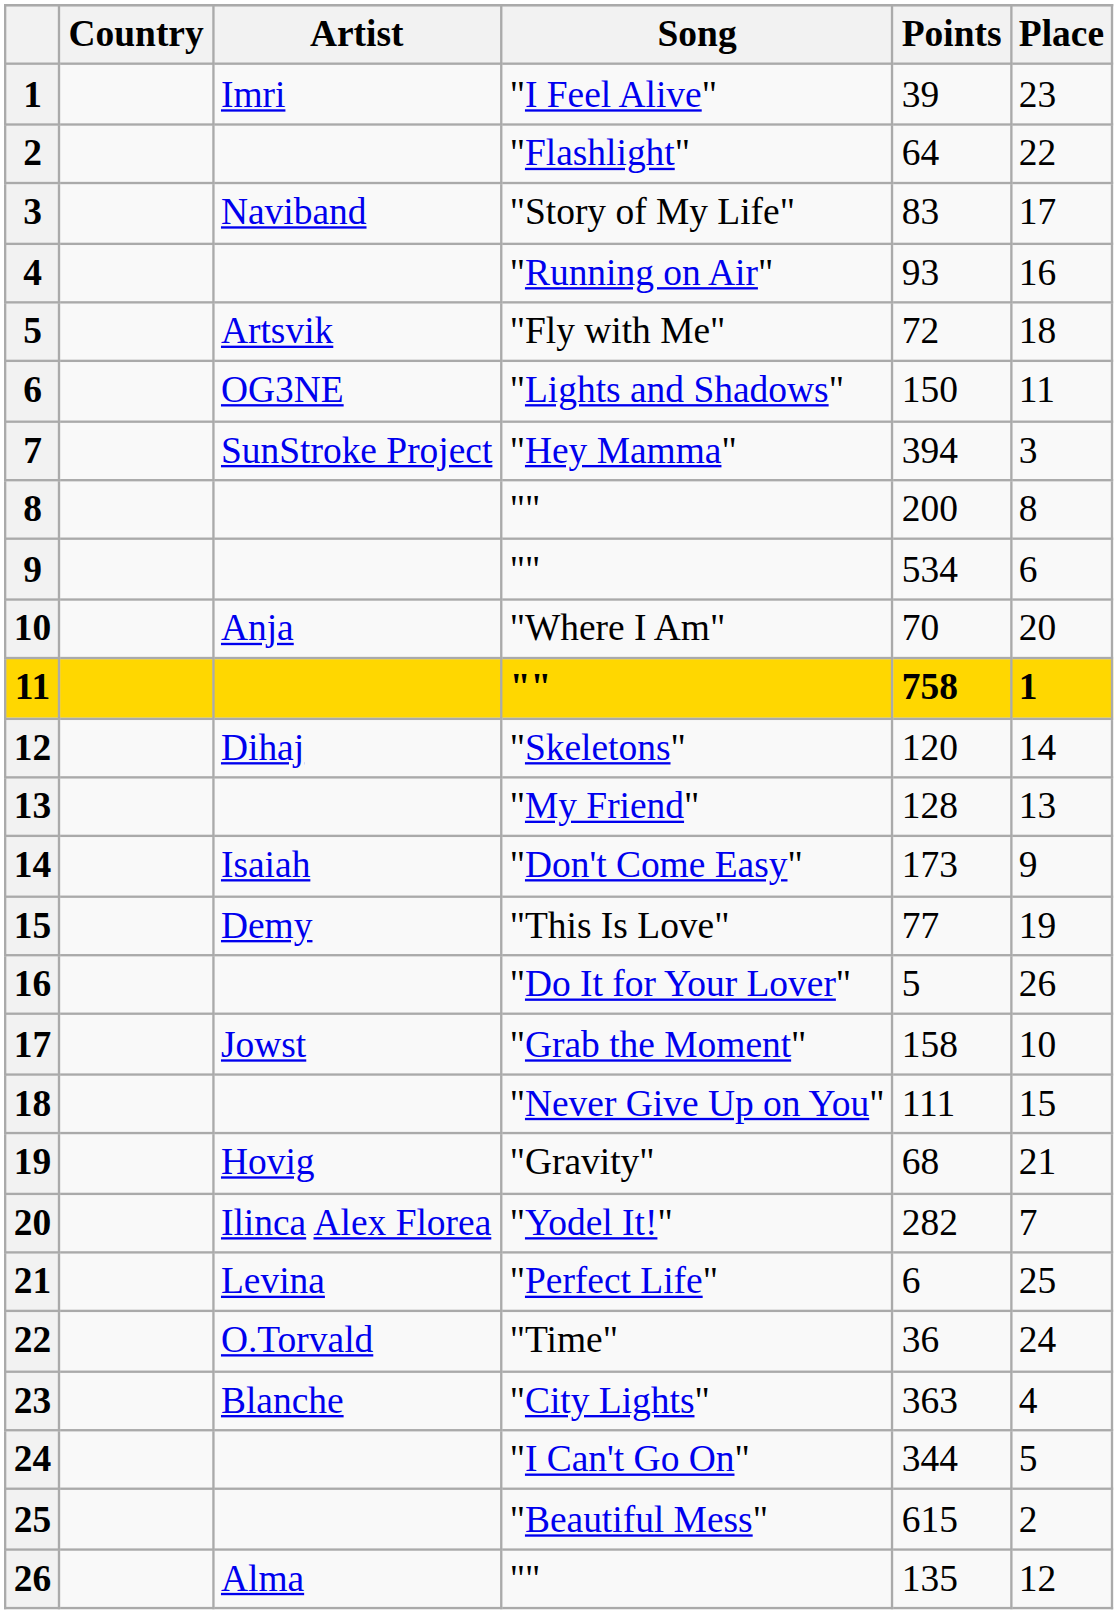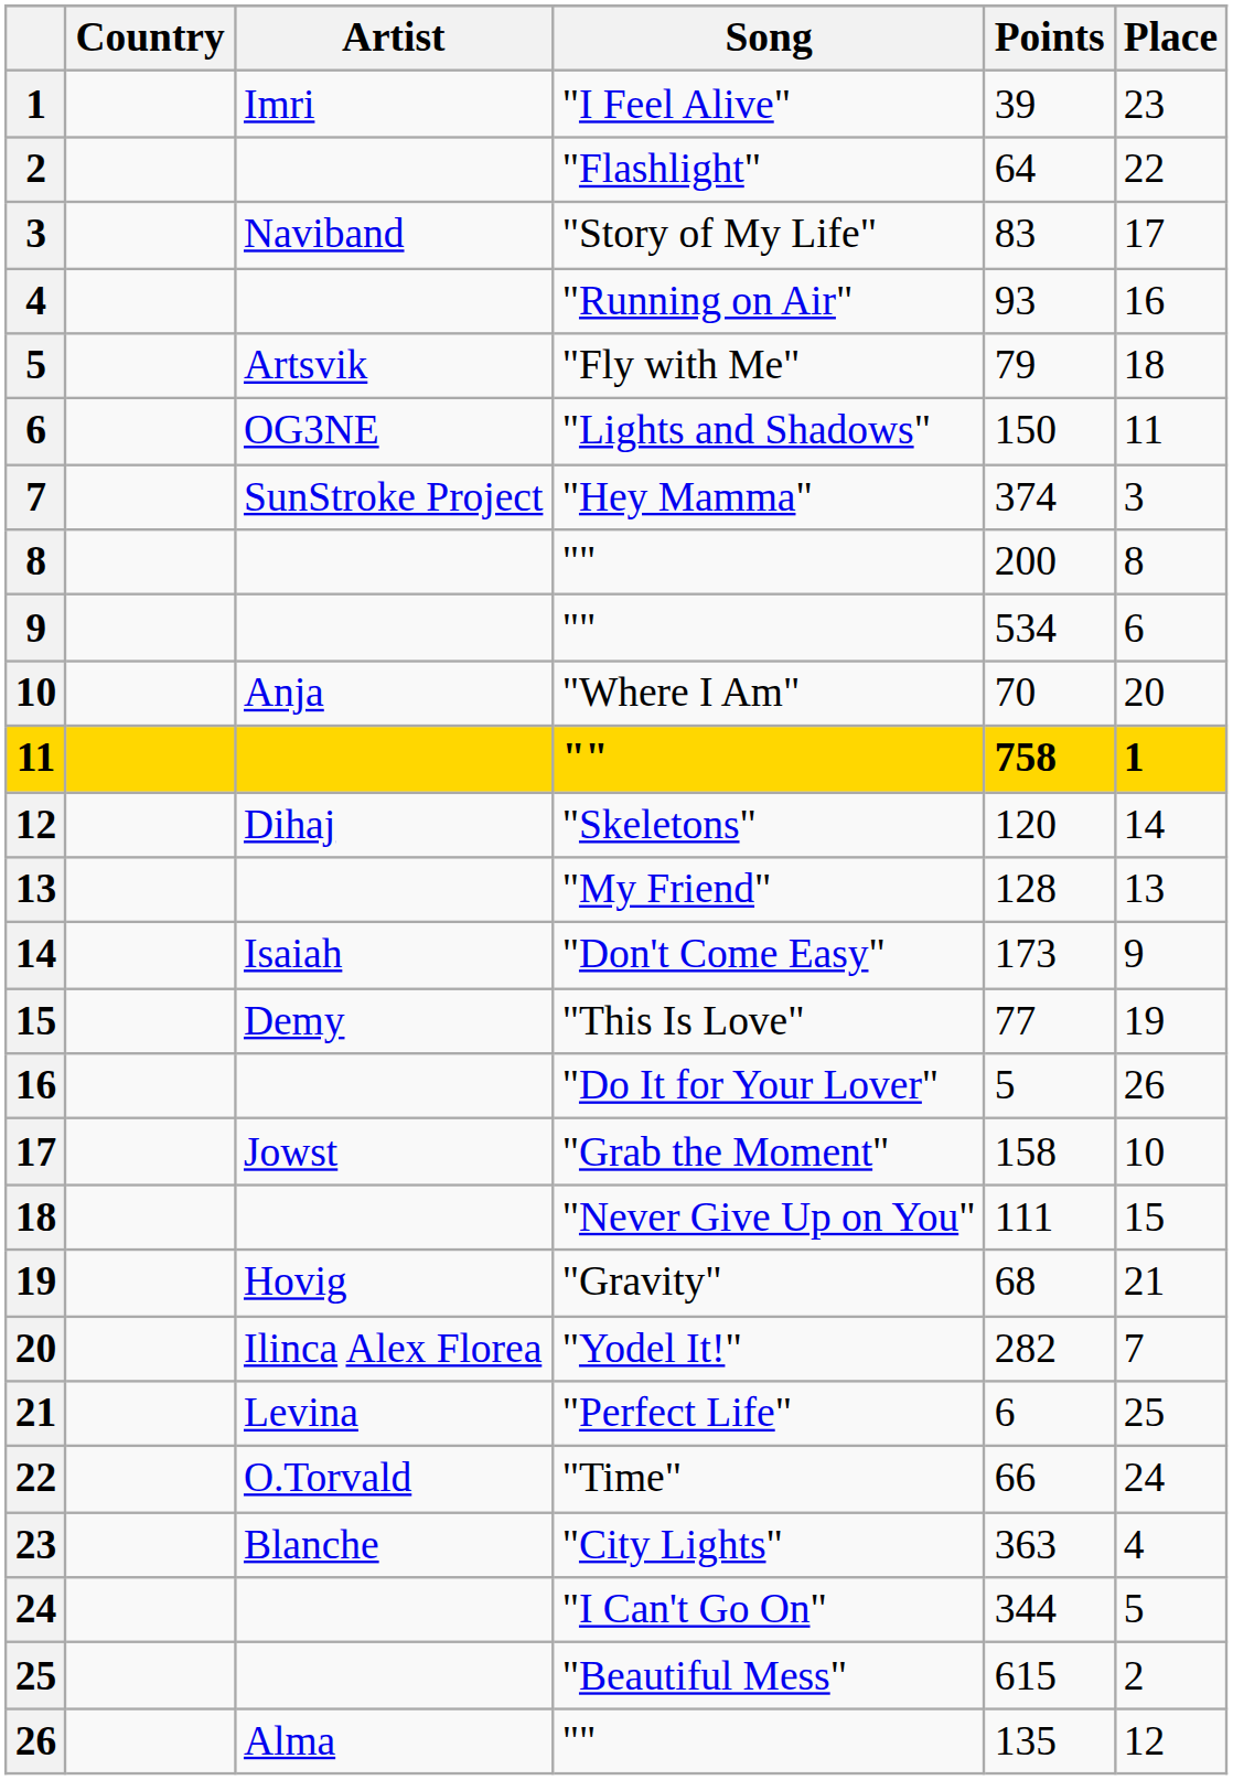 <table class="sortable wikitable plainrowheaders">
 <tr>
 </tr>
 <tr>
 <th scope="col"></th>
 <th scope="col">Country</th>
 <th scope="col">Artist</th>
 <th scope="col">Song</th>
 <th scope="col">Points</th>
 <th scope="col">Place<br></th>
 </tr>
 <tr>
 <th scope="row" style="text-align:center;">1</th>
 <td></td>
 <td><a href='#'>Imri</a></td>
 <td>"<a href='#'>I Feel Alive</a>"</td>
 <td>39</td>
 <td>23</td>
 </tr>
 <tr>
 <th scope="row" style="text-align:center;">2</th>
 <td></td>
 <td></td>
 <td>"<a href='#'>Flashlight</a>"</td>
 <td>64</td>
 <td>22</td>
 </tr>
 <tr>
 <th scope="row" style="text-align:center;">3</th>
 <td></td>
 <td><a href='#'>Naviband</a></td>
 <td>"Story of My Life"</td>
 <td>83</td>
 <td>17</td>
 </tr>
 <tr>
 <th scope="row" style="text-align:center;">4</th>
 <td></td>
 <td></td>
 <td>"<a href='#'>Running on Air</a>"</td>
 <td>93</td>
 <td>16</td>
 </tr>
 <tr>
 <th scope="row" style="text-align:center;">5</th>
 <td></td>
 <td><a href='#'>Artsvik</a></td>
 <td>"Fly with Me"</td>
-<td>72</td>
+<td>79</td>
 <td>18</td>
 </tr>
 <tr>
 <th scope="row" style="text-align:center;">6</th>
 <td></td>
 <td data-sort-value="OGENE"><a href='#'>OG3NE</a></td>
 <td>"<a href='#'>Lights and Shadows</a>"</td>
 <td>150</td>
 <td>11</td>
 </tr>
 <tr>
 <th scope="row" style="text-align:center;">7</th>
 <td></td>
 <td><a href='#'>SunStroke Project</a></td>
 <td>"<a href='#'>Hey Mamma</a>"</td>
-<td>394</td>
+<td>374</td>
 <td>3</td>
 </tr>
 <tr>
 <th scope="row" style="text-align:center;">8</th>
 <td></td>
 <td></td>
 <td>""</td>
 <td>200</td>
 <td>8</td>
 </tr>
 <tr>
 <th scope="row" style="text-align:center;">9</th>
 <td></td>
 <td></td>
 <td>""</td>
 <td>534</td>
 <td>6</td>
 </tr>
 <tr>
 <th scope="row" style="text-align:center;">10</th>
 <td></td>
 <td><a href='#'>Anja</a></td>
 <td>"Where I Am"</td>
 <td>70</td>
 <td>20</td>
 </tr>
 <tr style="font-weight:bold; background:gold;">
 <th scope="row" style="text-align:center; font-weight:bold; background:gold;">11</th>
 <td></td>
 <td></td>
 <td>""</td>
 <td>758</td>
 <td>1</td>
 </tr>
 <tr>
 <th scope="row" style="text-align:center;">12</th>
 <td></td>
 <td><a href='#'>Dihaj</a></td>
 <td>"<a href='#'>Skeletons</a>"</td>
 <td>120</td>
 <td>14</td>
 </tr>
 <tr>
 <th scope="row" style="text-align:center;">13</th>
 <td></td>
 <td></td>
 <td>"<a href='#'>My Friend</a>"</td>
 <td>128</td>
 <td>13</td>
 </tr>
 <tr>
 <th scope="row" style="text-align:center;">14</th>
 <td></td>
 <td><a href='#'>Isaiah</a></td>
 <td>"<a href='#'>Don't Come Easy</a>"</td>
 <td>173</td>
 <td>9</td>
 </tr>
 <tr>
 <th scope="row" style="text-align:center;">15</th>
 <td></td>
 <td><a href='#'>Demy</a></td>
 <td>"This Is Love"</td>
 <td>77</td>
 <td>19</td>
 </tr>
 <tr>
 <th scope="row" style="text-align:center;">16</th>
 <td></td>
 <td></td>
 <td>"<a href='#'>Do It for Your Lover</a>"</td>
 <td>5</td>
 <td>26</td>
 </tr>
 <tr>
 <th scope="row" style="text-align:center;">17</th>
 <td></td>
 <td><a href='#'>Jowst</a></td>
 <td>"<a href='#'>Grab the Moment</a>"</td>
 <td>158</td>
 <td>10</td>
 </tr>
 <tr>
 <th scope="row" style="text-align:center;">18</th>
 <td></td>
 <td></td>
 <td>"<a href='#'>Never Give Up on You</a>"</td>
 <td>111</td>
 <td>15</td>
 </tr>
 <tr>
 <th scope="row" style="text-align:center;">19</th>
 <td></td>
 <td><a href='#'>Hovig</a></td>
 <td>"Gravity"</td>
 <td>68</td>
 <td>21</td>
 </tr>
 <tr>
 <th scope="row" style="text-align:center;">20</th>
 <td></td>
 <td><a href='#'>Ilinca</a>  <a href='#'>Alex Florea</a></td>
 <td>"<a href='#'>Yodel It!</a>"</td>
 <td>282</td>
 <td>7</td>
 </tr>
 <tr>
 <th scope="row" style="text-align:center;">21</th>
 <td></td>
 <td><a href='#'>Levina</a></td>
 <td>"<a href='#'>Perfect Life</a>"</td>
 <td>6</td>
 <td>25</td>
 </tr>
 <tr>
 <th scope="row" style="text-align:center;">22</th>
 <td></td>
 <td data-sort-value="OTorvald"><a href='#'>O.Torvald</a></td>
 <td>"Time"</td>
-<td>36</td>
+<td>66</td>
 <td>24</td>
 </tr>
 <tr>
 <th scope="row" style="text-align:center;">23</th>
 <td></td>
 <td><a href='#'>Blanche</a></td>
 <td>"<a href='#'>City Lights</a>"</td>
 <td>363</td>
 <td>4</td>
 </tr>
 <tr>
 <th scope="row" style="text-align:center;">24</th>
 <td></td>
 <td></td>
 <td>"<a href='#'>I Can't Go On</a>"</td>
 <td>344</td>
 <td>5</td>
 </tr>
 <tr>
 <th scope="row" style="text-align:center;">25</th>
 <td></td>
 <td></td>
 <td>"<a href='#'>Beautiful Mess</a>"</td>
 <td>615</td>
 <td>2</td>
 </tr>
 <tr>
 <th scope="row" style="text-align:center;">26</th>
 <td></td>
 <td><a href='#'>Alma</a></td>
 <td>""</td>
 <td>135</td>
 <td>12</td>
 </tr>
 </table>
